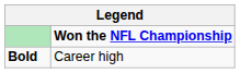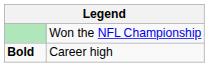 <table class="wikitable mw-collapsible mw-collapsed">
 <tr>
 <th colspan="2">Legend</th>
 </tr>
 <tr>
 <td style="background:#afe6ba; width:3em;"></td>
-<td><strong>Won the <a href='#'>NFL Championship</a></strong></td>
+<td>Won the <a href='#'>NFL Championship</a></td>
 </tr>
 <tr>
 <td><strong>Bold</strong></td>
 <td>Career high</td>
 </tr>
 </table>
